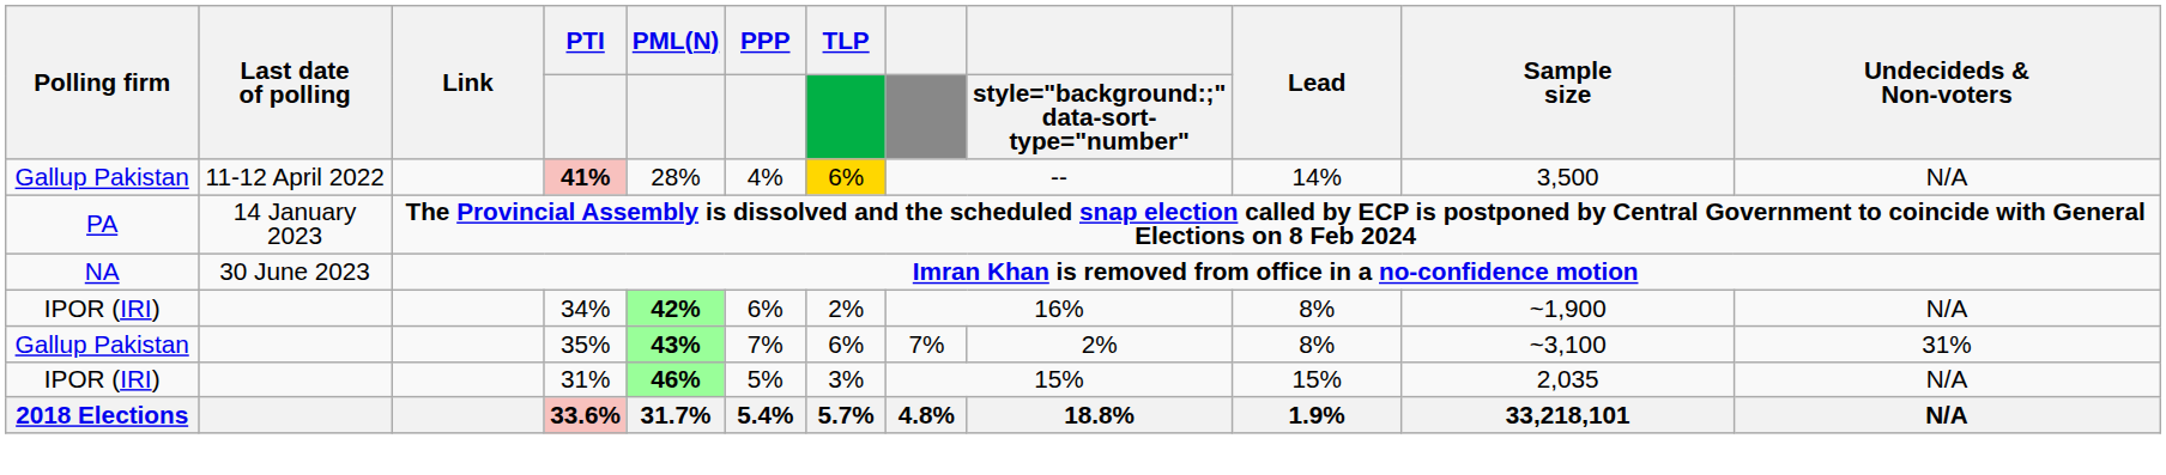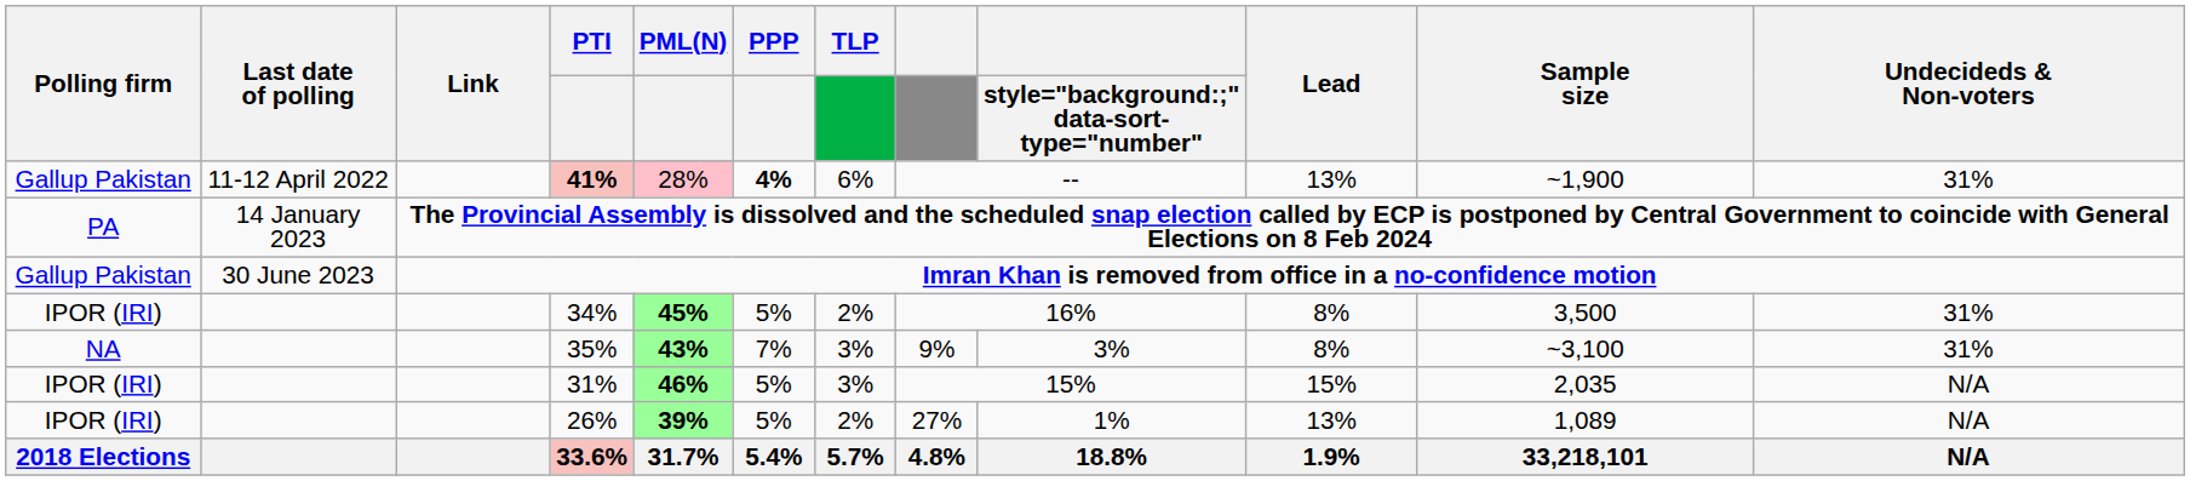 <table class="wikitable sortable" style="text-align:center;font-size:90%;line-height:14px">
 <tr style="height:40px;">
 <th style="width:105px;" rowspan="2">Polling firm</th>
 <th style="width:105px;" rowspan="2">Last date<br>of polling</th>
 <th rowspan="2">Link</th>
 <th class="unsortable" style="width:40px;"><a href='#'>PTI</a></th>
 <th class="unsortable" style="width:40px;"><a href='#'>PML(N)</a></th>
 <th class="unsortable" style="width:40px;"><a href='#'>PPP</a></th>
 <th class="unsortable" style="width:40px;"><a href='#'>TLP</a></th>
 <th class="unsortable" style="width:40px;"><a href='#'></a></th>
 <th class="unsortable" style="width:40px;"><a href='#'></a></th>
 <th rowspan="2">Lead</th>
 <th rowspan="2">Sample<br>size</th>
 <th rowspan="2">Undecideds &<br>Non-voters</th>
 </tr>
 <tr>
 <th style="background:"></th>
 <th style="background:"></th>
 <th style="background:"></th>
 <th style="background:#01B045;" data-sort-type="number"></th>
 <th style="background:#888888;" data-sort-type="number"></th>
 <th>style="background:;" data-sort-type="number"</th>
 </tr>
 <tr>
 <td><a href='#'>Gallup Pakistan</a></td>
 <td data-sort-value="2022-04-11">11-12 April 2022</td>
 <td></td>
 <td style="background:rgb(248, 193, 190)"><strong>41%</strong></td>
-<td>28%</td>
-<td>4%</td>
-<td style="background: gold;">6%</td>
+<td style="background: pink;">28%</td>
+<td><strong>4%</strong></td>
+<td>6%</td>
 <td colspan="2">--</td>
-<td style="background:"><span>14%</span></td>
-<td>3,500</td>
-<td>N/A</td>
+<td style="background:"><span>13%</span></td>
+<td>~1,900</td>
+<td>31%</td>
 </tr>
 <tr>
 <td><a href='#'>PA</a></td>
 <td>14 January 2023</td>
 <td colspan="10"><strong>The <a href='#'>Provincial Assembly</a> is dissolved and the scheduled <a href='#'>snap election</a>  called by ECP is postponed by Central Government to coincide with General Elections on 8 Feb 2024</strong></td>
 </tr>
 <tr>
-<td rowspan="1"><a href='#'>NA</a></td>
+<td><a href='#'>Gallup Pakistan</a></td>
 <td>30 June 2023</td>
 <td colspan="10"><strong><a href='#'>Imran Khan</a> is removed from office in a <a href='#'>no-confidence motion</a></strong></td>
 </tr>
 <tr>
 <td>IPOR (<a href='#'>IRI</a>)</td>
 <td></td>
 <td></td>
 <td>34%</td>
-<td style="background:rgb(153, 255, 153)"><strong>42%</strong></td>
-<td>6%</td>
+<td style="background:rgb(153, 255, 153)"><strong>45%</strong></td>
+<td>5%</td>
 <td>2%</td>
 <td colspan = "2">16%</td>
 <td style="background:"><span>8%</span></td>
-<td>~1,900</td>
-<td>N/A</td>
+<td>3,500</td>
+<td>31%</td>
 </tr>
 <tr>
-<td><a href='#'>Gallup Pakistan</a></td>
+<td rowspan="1"><a href='#'>NA</a></td>
 <td></td>
 <td></td>
 <td>35%</td>
 <td style="background:rgb(153, 255, 153)"><strong>43%</strong></td>
 <td>7%</td>
-<td>6%</td>
-<td>7%</td>
-<td>2%</td>
+<td>3%</td>
+<td>9%</td>
+<td>3%</td>
 <td style="background:"><span>8%</span></td>
 <td>~3,100</td>
 <td>31%</td>
 </tr>
 <tr>
 <td>IPOR (<a href='#'>IRI</a>)</td>
 <td></td>
 <td></td>
 <td>31%</td>
 <td style="background:rgb(153, 255, 153)"><strong>46%</strong></td>
 <td>5%</td>
 <td>3%</td>
 <td colspan = "2">15%</td>
 <td style="background:"><span>15%</span></td>
 <td>2,035</td>
 <td>N/A</td>
 </tr>
 <tr>
+<td>IPOR (<a href='#'>IRI</a>)</td>
+<td></td>
+<td></td>
+<td>26%</td>
+<td style="background:rgb(153, 255, 153)"><strong>39%</strong></td>
+<td>5%</td>
+<td>2%</td>
+<td>27%</td>
+<td>1%</td>
+<td style="background:"><span>13%</span></td>
+<td>1,089</td>
+<td>N/A</td>
+</tr>
+<tr>
 <th><a href='#'>2018 Elections</a></th>
 <th></th>
 <th></th>
 <th style="background:rgb(248, 193, 190)"><strong>33.6%</strong></th>
 <th>31.7%</th>
 <th>5.4%</th>
 <th>5.7%</th>
 <th>4.8%</th>
 <th>18.8%</th>
 <th style="background:"><span>1.9%</span></th>
 <th>33,218,101</th>
 <th>N/A</th>
 </tr>
 </table>
